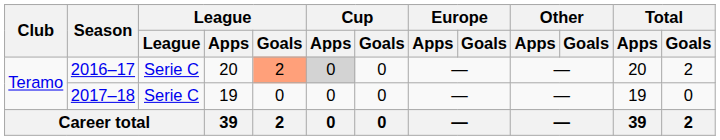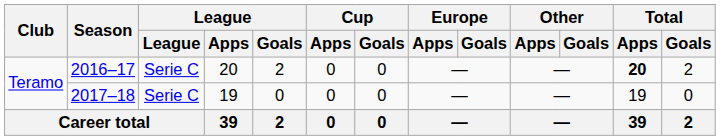 <table class="wikitable" style="text-align: center;">
 <tr>
 <th rowspan="2">Club</th>
 <th rowspan="2">Season</th>
 <th colspan="3">League</th>
 <th colspan="2">Cup</th>
 <th colspan="2">Europe</th>
 <th colspan="2">Other</th>
 <th colspan="2">Total</th>
 </tr>
 <tr>
 <th>League</th>
 <th>Apps</th>
 <th>Goals</th>
 <th>Apps</th>
 <th>Goals</th>
 <th>Apps</th>
 <th>Goals</th>
 <th>Apps</th>
 <th>Goals</th>
 <th>Apps</th>
 <th>Goals</th>
 </tr>
 <tr>
 <td rowspan="2"><a href='#'>Teramo</a></td>
 <td><a href='#'>2016–17</a></td>
 <td><a href='#'>Serie C</a></td>
 <td>20</td>
-<td style="background: lightsalmon;">2</td>
-<td style="background: lightgrey;">0</td>
+<td>2</td>
+<td>0</td>
 <td>0</td>
 <td colspan="2">—</td>
 <td colspan="2">—</td>
-<td>20</td>
+<td><strong>20</strong></td>
 <td>2</td>
 </tr>
 <tr>
 <td><a href='#'>2017–18</a></td>
 <td><a href='#'>Serie C</a></td>
 <td>19</td>
 <td>0</td>
 <td>0</td>
 <td>0</td>
 <td colspan="2">—</td>
 <td colspan="2">—</td>
 <td>19</td>
 <td>0</td>
 </tr>
 <tr>
 <th colspan="3">Career total</th>
 <th>39</th>
 <th>2</th>
 <th>0</th>
 <th>0</th>
 <th colspan="2">—</th>
 <th colspan="2">—</th>
 <th>39</th>
 <th>2</th>
 </tr>
 </table>
